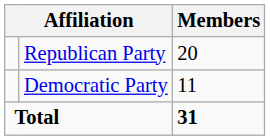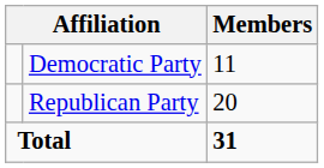 <table class="wikitable">
 <tr>
 <th colspan="2">Affiliation</th>
 <th>Members</th>
 </tr>
 <tr>
 <td style="background-color:"> </td>
-<td><a href='#'>Republican Party</a></td>
-<td>20</td>
+<td><a href='#'>Democratic Party</a></td>
+<td>11</td>
 </tr>
 <tr>
 <td style="background-color:"> </td>
-<td><a href='#'>Democratic Party</a></td>
-<td>11</td>
+<td><a href='#'>Republican Party</a></td>
+<td>20</td>
 </tr>
 <tr>
 <td colspan="2"> <strong>Total</strong><br></td>
 <td><strong>31</strong></td>
 </tr>
 </table>
